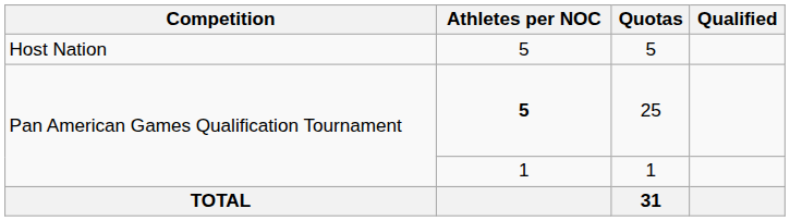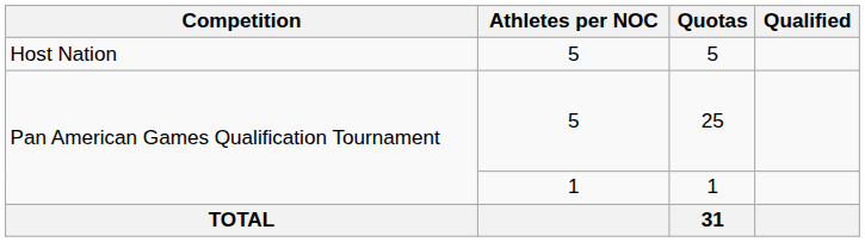 <table class = "wikitable" width=670>
 <tr>
 <th>Competition</th>
 <th>Athletes per NOC</th>
 <th>Quotas</th>
 <th>Qualified</th>
 </tr>
 <tr>
 <td>Host Nation</td>
 <td align="center">5</td>
 <td align="center">5</td>
 <td></td>
 </tr>
 <tr>
 <td rowspan=2>Pan American Games Qualification Tournament</td>
-<td align="center"><strong>5</strong></td>
+<td align="center">5</td>
 <td align="center">25</td>
 <td><br><br><br><br></td>
 </tr>
 <tr>
 <td align="center">1</td>
 <td align="center">1</td>
 <td></td>
 </tr>
 <tr>
 <th>TOTAL</th>
 <th></th>
 <th>31</th>
 <th></th>
 </tr>
 </table>
